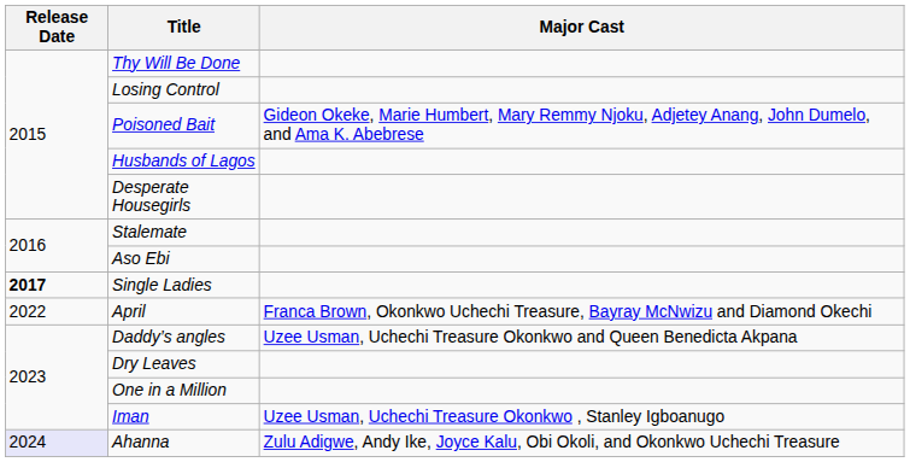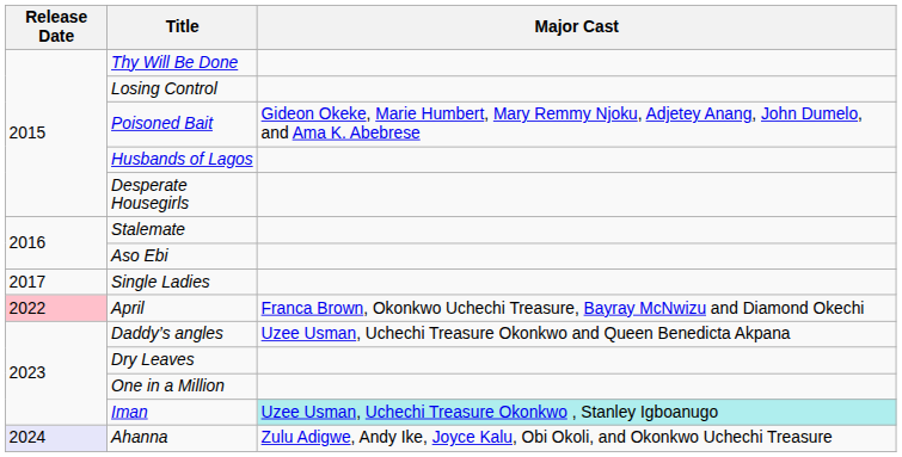 <table class="wikitable sortable">
 <tr>
 <th>Release Date</th>
 <th>Title</th>
 <th>Major Cast</th>
 </tr>
 <tr>
 <td rowspan="5">2015</td>
 <td><a href='#'><em>Thy Will Be Done</em></a></td>
 <td></td>
 </tr>
 <tr>
 <td><em>Losing Control</em> </td>
 <td></td>
 </tr>
 <tr>
 <td><em><a href='#'>Poisoned Bait</a></em> </td>
 <td><a href='#'>Gideon Okeke</a>, <a href='#'>Marie Humbert</a>, <a href='#'>Mary Remmy Njoku</a>, <a href='#'>Adjetey Anang</a>, <a href='#'>John Dumelo</a>, and <a href='#'>Ama K. Abebrese</a></td>
 </tr>
 <tr>
 <td><em><a href='#'>Husbands of Lagos</a></em></td>
 <td></td>
 </tr>
 <tr>
 <td><em>Desperate Housegirls</em></td>
 <td></td>
 </tr>
 <tr>
 <td rowspan="2">2016</td>
 <td><em>Stalemate</em></td>
 <td></td>
 </tr>
 <tr>
 <td><em>Aso Ebi</em></td>
 <td></td>
 </tr>
 <tr>
-<td><strong>2017</strong></td>
+<td>2017</td>
 <td><em>Single Ladies</em></td>
 <td></td>
 </tr>
 <tr>
-<td>2022</td>
+<td style="background: pink;">2022</td>
 <td><em>April</em></td>
 <td><a href='#'>Franca Brown</a>, Okonkwo Uchechi Treasure, <a href='#'>Bayray McNwizu</a> and Diamond Okechi</td>
 </tr>
 <tr>
 <td rowspan="4">2023</td>
 <td><em>Daddy’s angles</em></td>
 <td><a href='#'>Uzee Usman</a>, Uchechi Treasure Okonkwo  and Queen Benedicta Akpana</td>
 </tr>
 <tr>
 <td><em>Dry Leaves</em></td>
 <td></td>
 </tr>
 <tr>
 <td><em>One in a Million</em></td>
 <td></td>
 </tr>
 <tr>
 <td><em><a href='#'>Iman</a></em></td>
-<td><a href='#'>Uzee Usman</a>, <a href='#'>Uchechi Treasure Okonkwo</a> , Stanley Igboanugo</td>
+<td style="background: paleturquoise;"><a href='#'>Uzee Usman</a>, <a href='#'>Uchechi Treasure Okonkwo</a> , Stanley Igboanugo</td>
 </tr>
 <tr>
 <td style="background: lavender;">2024</td>
 <td><em>Ahanna</em></td>
 <td><a href='#'>Zulu Adigwe</a>, Andy Ike, <a href='#'>Joyce Kalu</a>, Obi Okoli, and Okonkwo Uchechi Treasure</td>
 </tr>
 </table>
